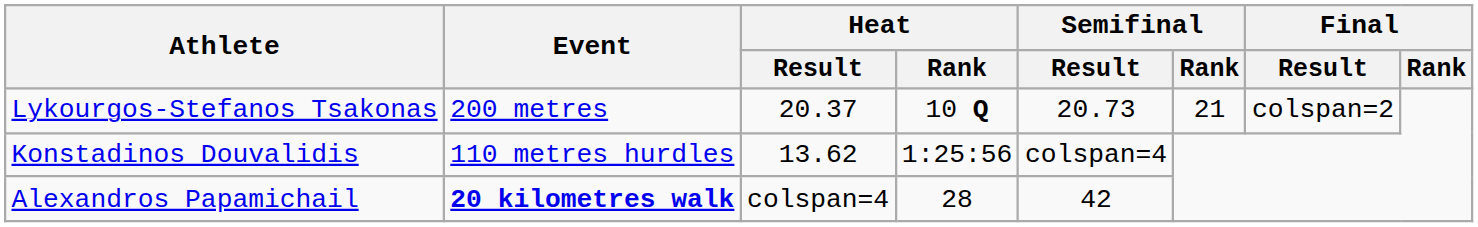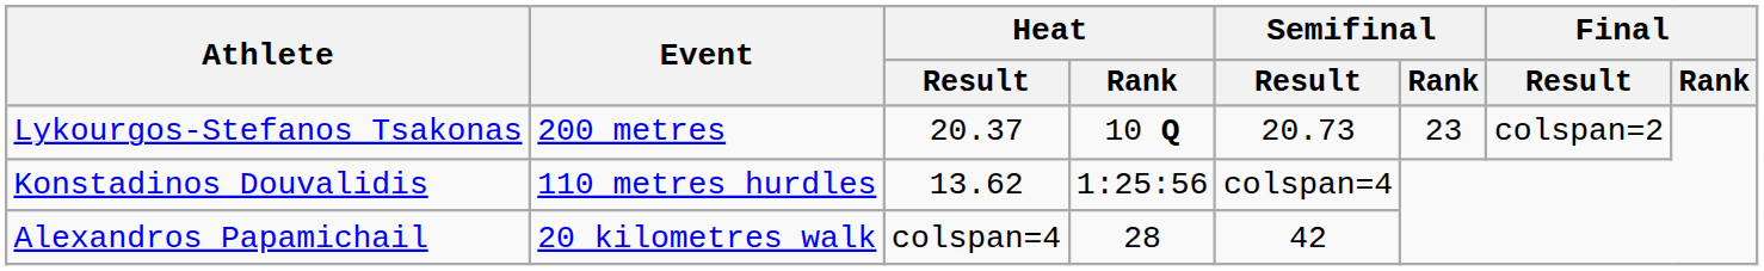 <table class="wikitable" style="font-size:90%">
 <tr>
 <th rowspan="2">Athlete</th>
 <th rowspan="2">Event</th>
 <th colspan="2">Heat</th>
 <th colspan="2">Semifinal</th>
 <th colspan="2">Final</th>
 </tr>
 <tr style="font-size:95%">
 <th>Result</th>
 <th>Rank</th>
 <th>Result</th>
 <th>Rank</th>
 <th>Result</th>
 <th>Rank</th>
 </tr>
 <tr style=text-align:center>
 <td style=text-align:left><a href='#'>Lykourgos-Stefanos Tsakonas</a></td>
 <td style=text-align:left><a href='#'>200 metres</a></td>
 <td>20.37</td>
 <td>10 <strong>Q</strong></td>
 <td>20.73</td>
-<td>21</td>
+<td>23</td>
 <td>colspan=2 </td>
 </tr>
 <tr style=text-align:center>
 <td style=text-align:left><a href='#'>Konstadinos Douvalidis</a></td>
 <td style=text-align:left><a href='#'>110 metres hurdles</a></td>
 <td>13.62</td>
 <td>1:25:56</td>
 <td>colspan=4 </td>
 </tr>
 <tr style=text-align:center>
 <td style=text-align:left><a href='#'>Alexandros Papamichail</a></td>
-<td style=text-align:left><strong><a href='#'>20 kilometres walk</a></strong></td>
+<td style=text-align:left><a href='#'>20 kilometres walk</a></td>
 <td>colspan=4 </td>
 <td>28</td>
 <td>42</td>
 </tr>
 </table>
